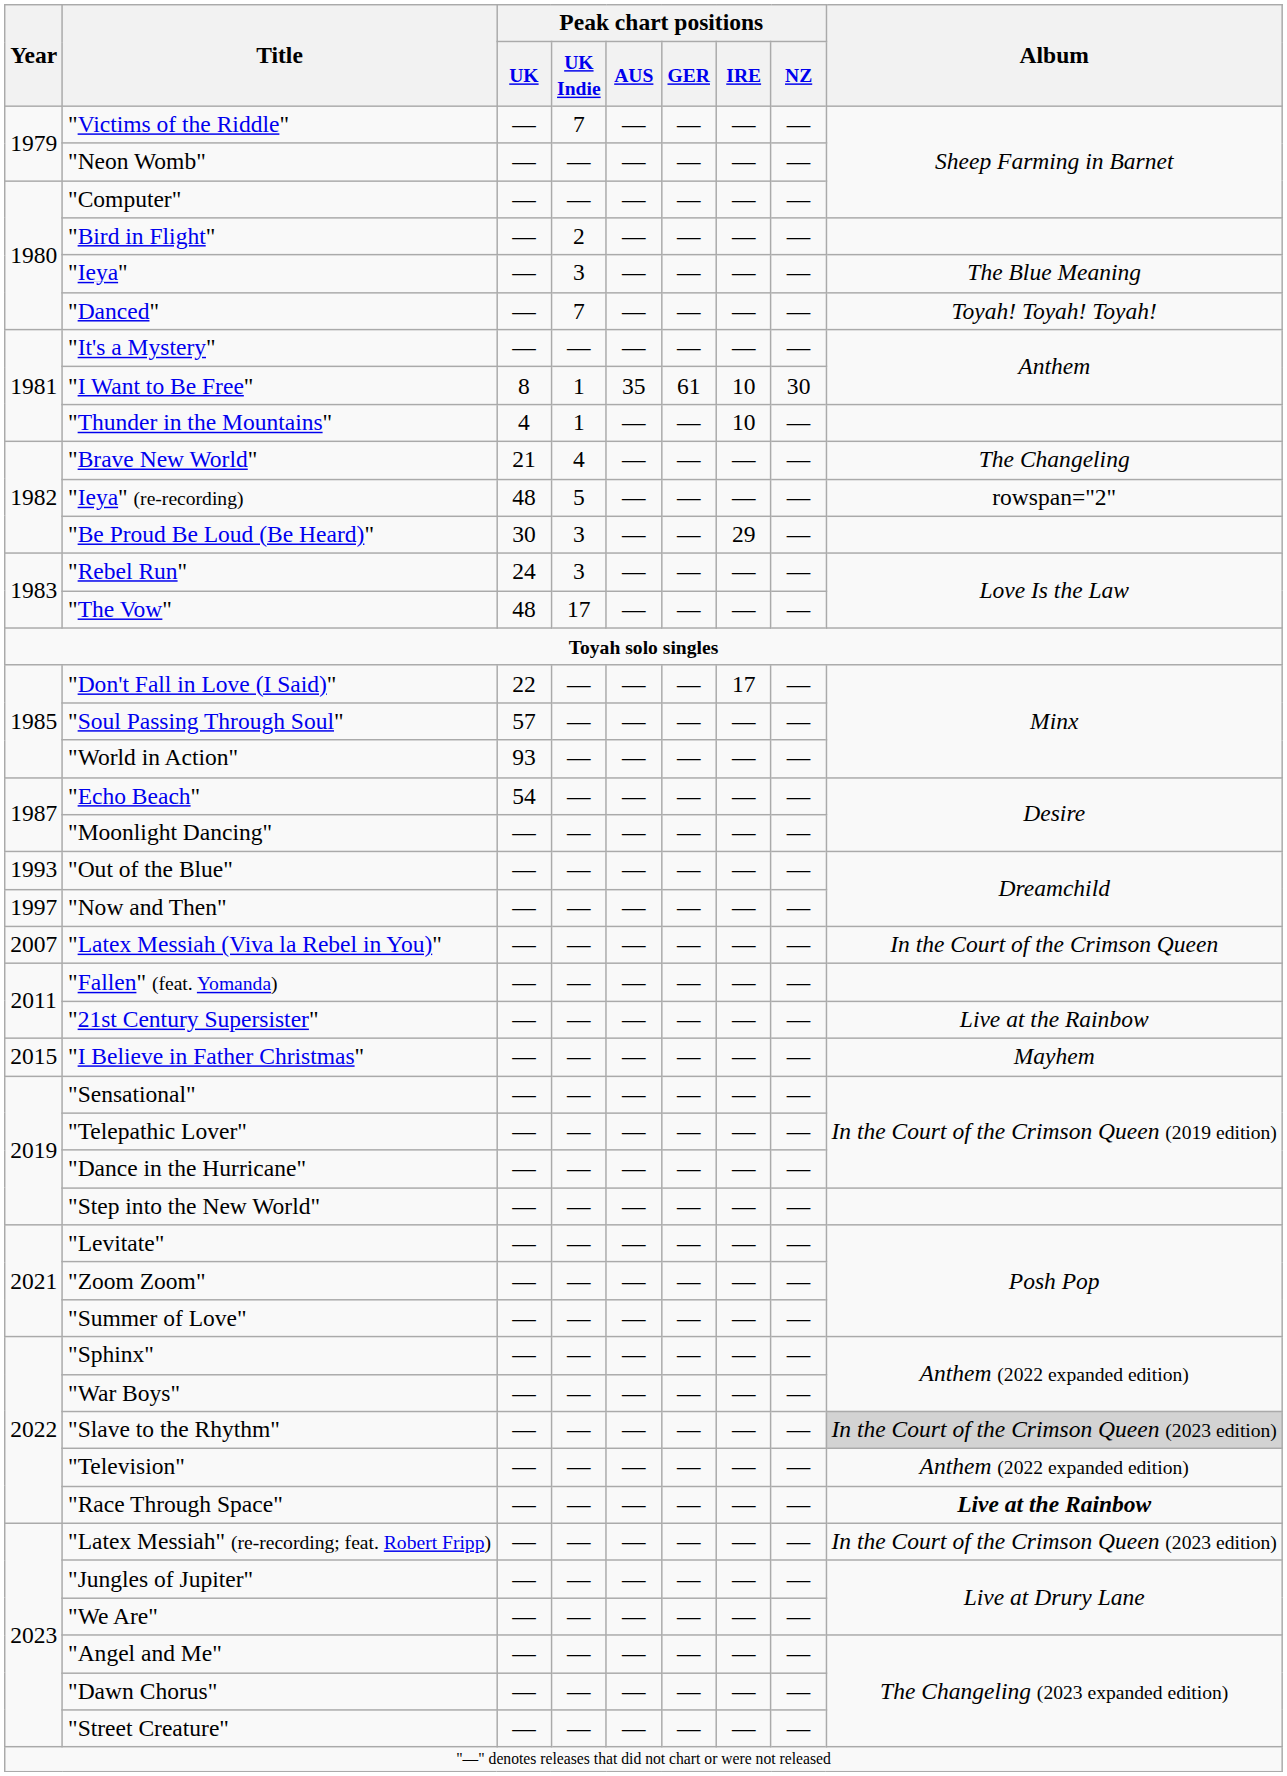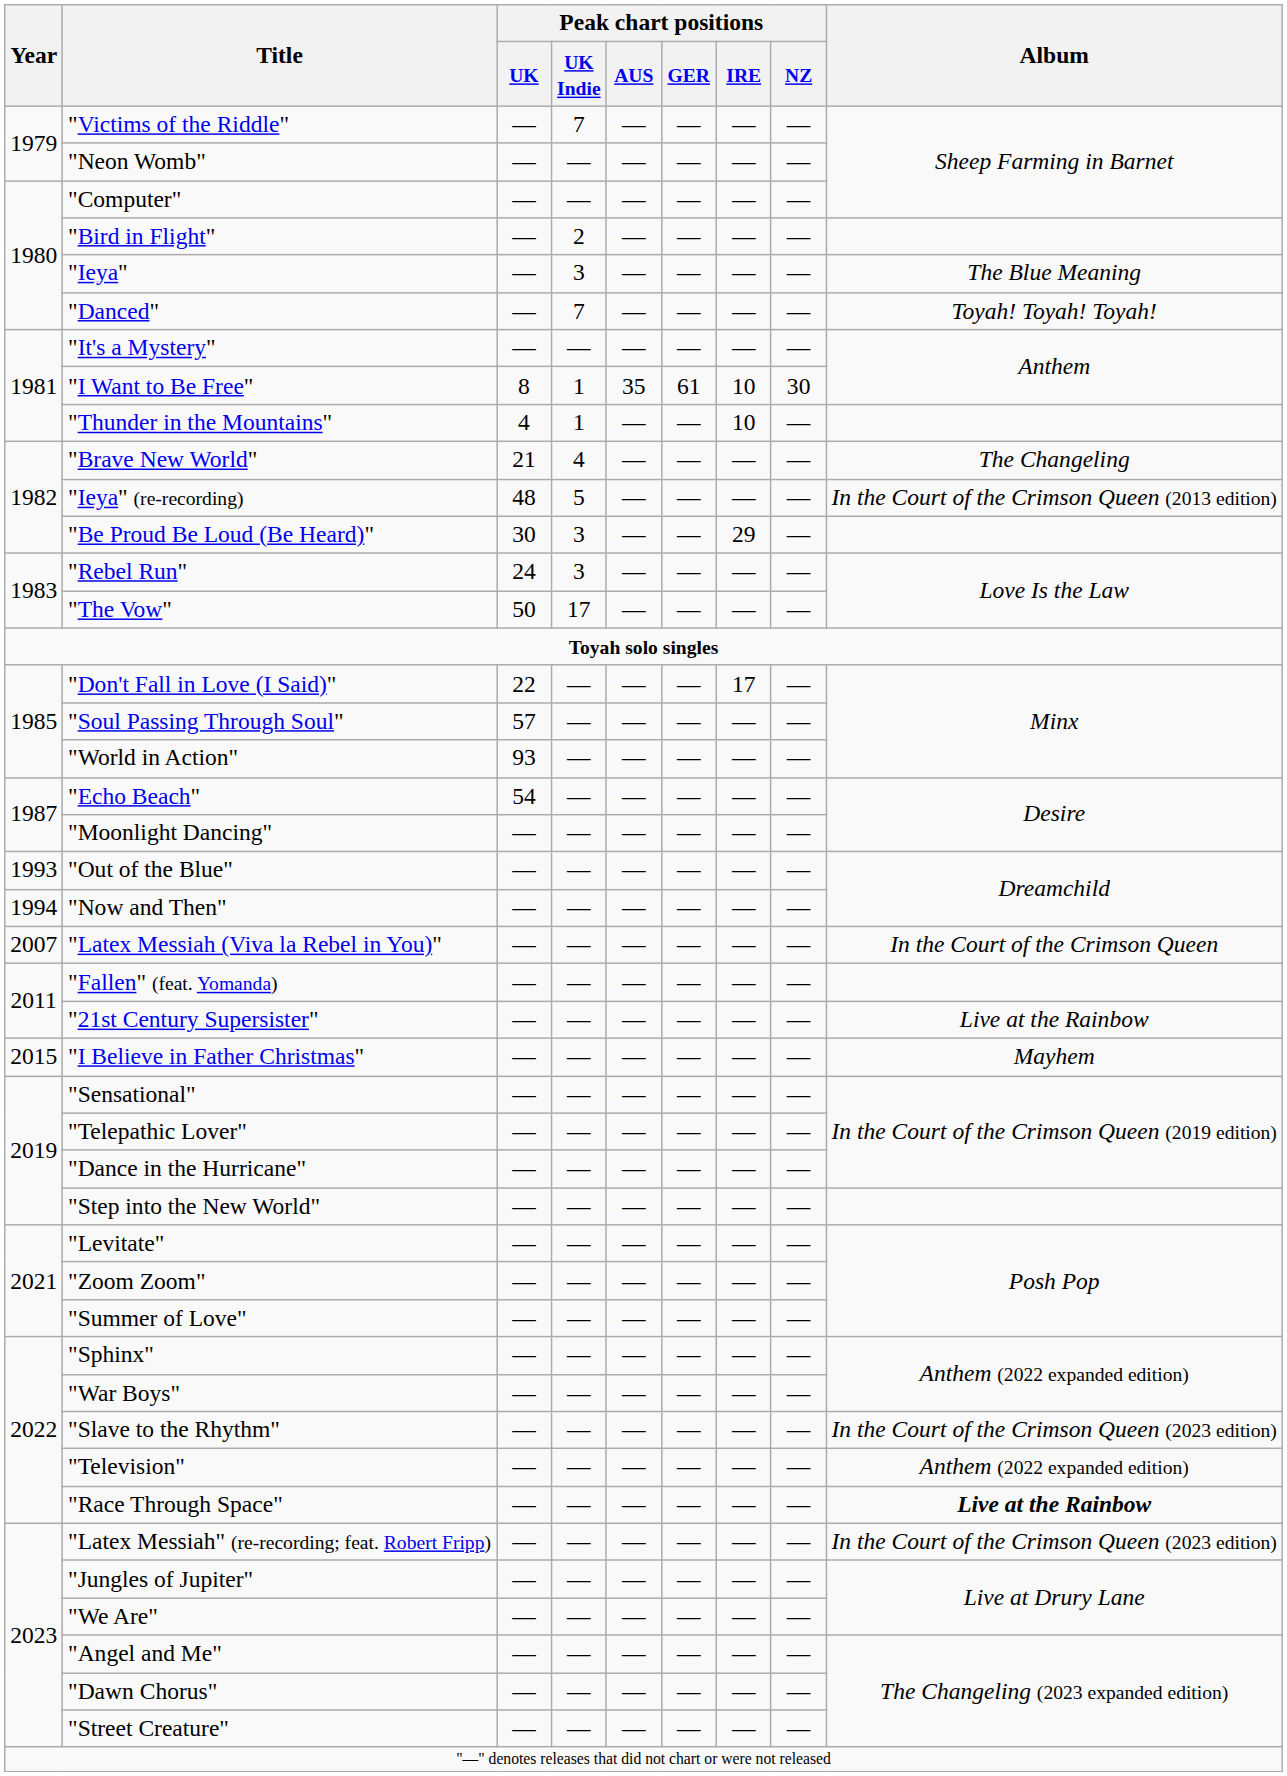 <table class="wikitable" style="text-align:center">
 <tr>
 <th rowspan="2">Year</th>
 <th rowspan="2">Title</th>
 <th colspan="6">Peak chart positions</th>
 <th rowspan="2">Album</th>
 </tr>
 <tr>
 <th width="30"><small><a href='#'>UK</a></small><br></th>
 <th width="30"><small><a href='#'>UK<br>Indie</a></small><br></th>
 <th width="30"><small><a href='#'>AUS</a></small><br></th>
 <th width="30"><small><a href='#'>GER</a></small><br></th>
 <th width="30"><small><a href='#'>IRE</a></small><br></th>
 <th width="30"><small><a href='#'>NZ</a></small><br></th>
 </tr>
 <tr>
 <td rowspan="2">1979</td>
 <td align="left">"<a href='#'>Victims of the Riddle</a>"</td>
 <td>—</td>
 <td>7</td>
 <td>—</td>
 <td>—</td>
 <td>—</td>
 <td>—</td>
 <td rowspan="3"><em>Sheep Farming in Barnet</em></td>
 </tr>
 <tr>
 <td align="left">"Neon Womb"</td>
 <td>—</td>
 <td>—</td>
 <td>—</td>
 <td>—</td>
 <td>—</td>
 <td>—</td>
 </tr>
 <tr>
 <td rowspan="4">1980</td>
 <td align="left">"Computer"</td>
 <td>—</td>
 <td>—</td>
 <td>—</td>
 <td>—</td>
 <td>—</td>
 <td>—</td>
 </tr>
 <tr>
 <td align="left">"<a href='#'>Bird in Flight</a>"</td>
 <td>—</td>
 <td>2</td>
 <td>—</td>
 <td>—</td>
 <td>—</td>
 <td>—</td>
 <td></td>
 </tr>
 <tr>
 <td align="left">"<a href='#'>Ieya</a>"</td>
 <td>—</td>
 <td>3</td>
 <td>—</td>
 <td>—</td>
 <td>—</td>
 <td>—</td>
 <td><em>The Blue Meaning</em></td>
 </tr>
 <tr>
 <td align="left">"<a href='#'>Danced</a>"</td>
 <td>—</td>
 <td>7</td>
 <td>—</td>
 <td>—</td>
 <td>—</td>
 <td>—</td>
 <td><em>Toyah! Toyah! Toyah!</em></td>
 </tr>
 <tr>
 <td rowspan="3">1981</td>
 <td align="left">"<a href='#'>It's a Mystery</a>"</td>
 <td>—</td>
 <td>—</td>
 <td>—</td>
 <td>—</td>
 <td>—</td>
 <td>—</td>
 <td rowspan="2"><em>Anthem</em></td>
 </tr>
 <tr>
 <td align="left">"<a href='#'>I Want to Be Free</a>"</td>
 <td>8</td>
 <td>1</td>
 <td>35</td>
 <td>61</td>
 <td>10</td>
 <td>30</td>
 </tr>
 <tr>
 <td align="left">"<a href='#'>Thunder in the Mountains</a>"</td>
 <td>4</td>
 <td>1</td>
 <td>—</td>
 <td>—</td>
 <td>10</td>
 <td>—</td>
 <td></td>
 </tr>
 <tr>
 <td rowspan="3">1982</td>
 <td align="left">"<a href='#'>Brave New World</a>"</td>
 <td>21</td>
 <td>4</td>
 <td>—</td>
 <td>—</td>
 <td>—</td>
 <td>—</td>
 <td><em>The Changeling</em></td>
 </tr>
 <tr>
 <td align="left">"<a href='#'>Ieya</a>" <small>(re-recording)</small></td>
 <td>48</td>
 <td>5</td>
 <td>—</td>
 <td>—</td>
 <td>—</td>
 <td>—</td>
-<td>rowspan="2" </td>
+<td><em>In the Court of the Crimson Queen</em> <small>(2013 edition)</small></td>
 </tr>
 <tr>
 <td align="left">"<a href='#'>Be Proud Be Loud (Be Heard)</a>"</td>
 <td>30</td>
 <td>3</td>
 <td>—</td>
 <td>—</td>
 <td>29</td>
 <td>—</td>
 </tr>
 <tr>
 <td rowspan="2">1983</td>
 <td align="left">"<a href='#'>Rebel Run</a>"</td>
 <td>24</td>
 <td>3</td>
 <td>—</td>
 <td>—</td>
 <td>—</td>
 <td>—</td>
 <td rowspan="2"><em>Love Is the Law</em></td>
 </tr>
 <tr>
 <td align="left">"<a href='#'>The Vow</a>"</td>
-<td>48</td>
+<td>50</td>
 <td>17</td>
 <td>—</td>
 <td>—</td>
 <td>—</td>
 <td>—</td>
 </tr>
 <tr>
 <td colspan="11" align="center"><small><strong>Toyah solo singles</strong></small></td>
 </tr>
 <tr>
 <td rowspan="3">1985</td>
 <td align="left">"<a href='#'>Don't Fall in Love (I Said)</a>"</td>
 <td>22</td>
 <td>—</td>
 <td>—</td>
 <td>—</td>
 <td>17</td>
 <td>—</td>
 <td rowspan="3"><em>Minx</em></td>
 </tr>
 <tr>
 <td align="left">"<a href='#'>Soul Passing Through Soul</a>"</td>
 <td>57</td>
 <td>—</td>
 <td>—</td>
 <td>—</td>
 <td>—</td>
 <td>—</td>
 </tr>
 <tr>
 <td align="left">"World in Action"</td>
 <td>93</td>
 <td>—</td>
 <td>—</td>
 <td>—</td>
 <td>—</td>
 <td>—</td>
 </tr>
 <tr>
 <td rowspan="2">1987</td>
 <td align="left">"<a href='#'>Echo Beach</a>"</td>
 <td>54</td>
 <td>—</td>
 <td>—</td>
 <td>—</td>
 <td>—</td>
 <td>—</td>
 <td rowspan="2"><em>Desire</em></td>
 </tr>
 <tr>
 <td align="left">"Moonlight Dancing"</td>
 <td>—</td>
 <td>—</td>
 <td>—</td>
 <td>—</td>
 <td>—</td>
 <td>—</td>
 </tr>
 <tr>
 <td>1993</td>
 <td align="left">"Out of the Blue"</td>
 <td>—</td>
 <td>—</td>
 <td>—</td>
 <td>—</td>
 <td>—</td>
 <td>—</td>
 <td rowspan="2"><em>Dreamchild</em></td>
 </tr>
 <tr>
-<td>1997</td>
+<td>1994</td>
 <td align="left">"Now and Then"</td>
 <td>—</td>
 <td>—</td>
 <td>—</td>
 <td>—</td>
 <td>—</td>
 <td>—</td>
 </tr>
 <tr>
 <td>2007</td>
 <td align="left">"<a href='#'>Latex Messiah (Viva la Rebel in You)</a>"</td>
 <td>—</td>
 <td>—</td>
 <td>—</td>
 <td>—</td>
 <td>—</td>
 <td>—</td>
 <td><em>In the Court of the Crimson Queen</em></td>
 </tr>
 <tr>
 <td rowspan="2">2011</td>
 <td align="left">"<a href='#'>Fallen</a>" <small>(feat. <a href='#'>Yomanda</a>)</small></td>
 <td>—</td>
 <td>—</td>
 <td>—</td>
 <td>—</td>
 <td>—</td>
 <td>—</td>
 <td></td>
 </tr>
 <tr>
 <td align="left">"<a href='#'>21st Century Supersister</a>"</td>
 <td>—</td>
 <td>—</td>
 <td>—</td>
 <td>—</td>
 <td>—</td>
 <td>—</td>
 <td><em>Live at the Rainbow</em></td>
 </tr>
 <tr>
 <td>2015</td>
 <td align="left">"<a href='#'>I Believe in Father Christmas</a>"</td>
 <td>—</td>
 <td>—</td>
 <td>—</td>
 <td>—</td>
 <td>—</td>
 <td>—</td>
 <td><em>Mayhem</em></td>
 </tr>
 <tr>
 <td rowspan="4">2019</td>
 <td align="left">"Sensational"</td>
 <td>—</td>
 <td>—</td>
 <td>—</td>
 <td>—</td>
 <td>—</td>
 <td>—</td>
 <td rowspan="3"><em>In the Court of the Crimson Queen</em> <small>(2019 edition)</small></td>
 </tr>
 <tr>
 <td align="left">"Telepathic Lover"</td>
 <td>—</td>
 <td>—</td>
 <td>—</td>
 <td>—</td>
 <td>—</td>
 <td>—</td>
 </tr>
 <tr>
 <td align="left">"Dance in the Hurricane"</td>
 <td>—</td>
 <td>—</td>
 <td>—</td>
 <td>—</td>
 <td>—</td>
 <td>—</td>
 </tr>
 <tr>
 <td align="left">"Step into the New World"</td>
 <td>—</td>
 <td>—</td>
 <td>—</td>
 <td>—</td>
 <td>—</td>
 <td>—</td>
 <td></td>
 </tr>
 <tr>
 <td rowspan="3">2021</td>
 <td align="left">"Levitate"</td>
 <td>—</td>
 <td>—</td>
 <td>—</td>
 <td>—</td>
 <td>—</td>
 <td>—</td>
 <td rowspan="3"><em>Posh Pop</em></td>
 </tr>
 <tr>
 <td align="left">"Zoom Zoom"</td>
 <td>—</td>
 <td>—</td>
 <td>—</td>
 <td>—</td>
 <td>—</td>
 <td>—</td>
 </tr>
 <tr>
 <td align="left">"Summer of Love"</td>
 <td>—</td>
 <td>—</td>
 <td>—</td>
 <td>—</td>
 <td>—</td>
 <td>—</td>
 </tr>
 <tr>
 <td rowspan="5">2022</td>
 <td align="left">"Sphinx"</td>
 <td>—</td>
 <td>—</td>
 <td>—</td>
 <td>—</td>
 <td>—</td>
 <td>—</td>
 <td rowspan="2"><em>Anthem</em> <small>(2022 expanded edition)</small></td>
 </tr>
 <tr>
 <td align="left">"War Boys"</td>
 <td>—</td>
 <td>—</td>
 <td>—</td>
 <td>—</td>
 <td>—</td>
 <td>—</td>
 </tr>
 <tr>
 <td align="left">"Slave to the Rhythm"</td>
 <td>—</td>
 <td>—</td>
 <td>—</td>
 <td>—</td>
 <td>—</td>
 <td>—</td>
-<td style="background: lightgrey;"><em>In the Court of the Crimson Queen</em> <small>(2023 edition)</small></td>
+<td><em>In the Court of the Crimson Queen</em> <small>(2023 edition)</small></td>
 </tr>
 <tr>
 <td align="left">"Television"</td>
 <td>—</td>
 <td>—</td>
 <td>—</td>
 <td>—</td>
 <td>—</td>
 <td>—</td>
 <td><em>Anthem</em> <small>(2022 expanded edition)</small></td>
 </tr>
 <tr>
 <td align="left">"Race Through Space"</td>
 <td>—</td>
 <td>—</td>
 <td>—</td>
 <td>—</td>
 <td>—</td>
 <td>—</td>
 <td><strong><em>Live at the Rainbow</em></strong></td>
 </tr>
 <tr>
 <td rowspan="6">2023</td>
 <td align="left">"Latex Messiah" <small>(re-recording; feat. <a href='#'>Robert Fripp</a>)</small></td>
 <td>—</td>
 <td>—</td>
 <td>—</td>
 <td>—</td>
 <td>—</td>
 <td>—</td>
 <td><em>In the Court of the Crimson Queen</em> <small>(2023 edition)</small></td>
 </tr>
 <tr>
 <td align="left">"Jungles of Jupiter"</td>
 <td>—</td>
 <td>—</td>
 <td>—</td>
 <td>—</td>
 <td>—</td>
 <td>—</td>
 <td rowspan="2"><em>Live at Drury Lane</em></td>
 </tr>
 <tr>
 <td align="left">"We Are"</td>
 <td>—</td>
 <td>—</td>
 <td>—</td>
 <td>—</td>
 <td>—</td>
 <td>—</td>
 </tr>
 <tr>
 <td align="left">"Angel and Me"</td>
 <td>—</td>
 <td>—</td>
 <td>—</td>
 <td>—</td>
 <td>—</td>
 <td>—</td>
 <td rowspan="3"><em>The Changeling</em> <small>(2023 expanded edition)</small></td>
 </tr>
 <tr>
 <td align="left">"Dawn Chorus"</td>
 <td>—</td>
 <td>—</td>
 <td>—</td>
 <td>—</td>
 <td>—</td>
 <td>—</td>
 </tr>
 <tr>
 <td align="left">"Street Creature"</td>
 <td>—</td>
 <td>—</td>
 <td>—</td>
 <td>—</td>
 <td>—</td>
 <td>—</td>
 </tr>
 <tr>
 <td colspan="9" style="font-size:8pt">"—" denotes releases that did not chart or were not released</td>
 </tr>
 </table>
